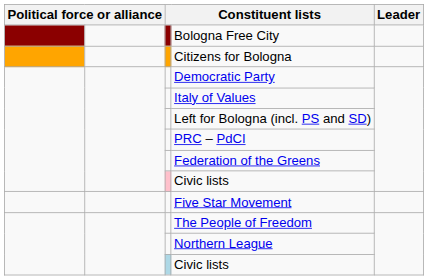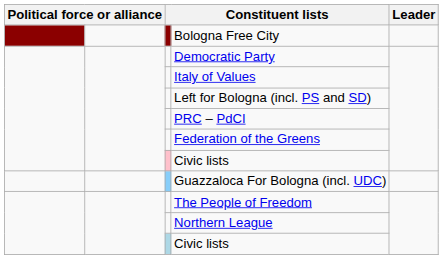 <table class=wikitable style=text-align:left>
 <tr>
 <th colspan=2>Political force or alliance</th>
 <th colspan=2>Constituent lists</th>
 <th>Leader</th>
 </tr>
 <tr>
 <td style="background-color:darkred"></td>
 <td></td>
 <td bgcolor="darkred"></td>
 <td style="text-align:left;">Bologna Free City</td>
-<td></td>
-</tr>
-<tr>
-<td style="background-color:orange"></td>
-<td></td>
-<td bgcolor="orange"></td>
-<td style="text-align:left;">Citizens for Bologna</td>
 <td></td>
 </tr>
 <tr>
 <td rowspan="6"></td>
 <td rowspan=6></td>
 <td></td>
 <td style="text-align:left;"><a href='#'>Democratic Party</a></td>
 <td rowspan="6"></td>
 </tr>
 <tr>
 <td></td>
 <td style="text-align:left;"><a href='#'>Italy of Values</a></td>
 </tr>
 <tr>
 <td></td>
 <td style="text-align:left;">Left for Bologna (incl. <a href='#'>PS</a> and <a href='#'>SD</a>)</td>
 </tr>
 <tr>
 <td></td>
 <td style="text-align:left;"><a href='#'>PRC</a> – <a href='#'>PdCI</a></td>
 </tr>
 <tr>
 <td></td>
 <td style="text-align:left;"><a href='#'>Federation of the Greens</a></td>
 </tr>
 <tr>
 <td bgcolor="pink"></td>
 <td style="text-align:left;">Civic lists</td>
 </tr>
 <tr>
 <td style="background-color:"></td>
 <td></td>
-<td></td>
-<td style="text-align:left;"><a href='#'>Five Star Movement</a></td>
+<td bgcolor="lightskyblue"></td>
+<td style="text-align:left;">Guazzaloca For Bologna (incl. <a href='#'>UDC</a>)</td>
 <td></td>
 </tr>
 <tr>
 <td rowspan="3" style="background:"></td>
 <td rowspan=3></td>
 <td></td>
 <td style="text-align:left;"><a href='#'>The People of Freedom</a></td>
 <td rowspan="3"></td>
 </tr>
 <tr>
 <td></td>
 <td style="text-align:left;"><a href='#'>Northern League</a></td>
 </tr>
 <tr>
 <td bgcolor="lightblue"></td>
 <td style="text-align:left;">Civic lists</td>
 </tr>
 </table>
